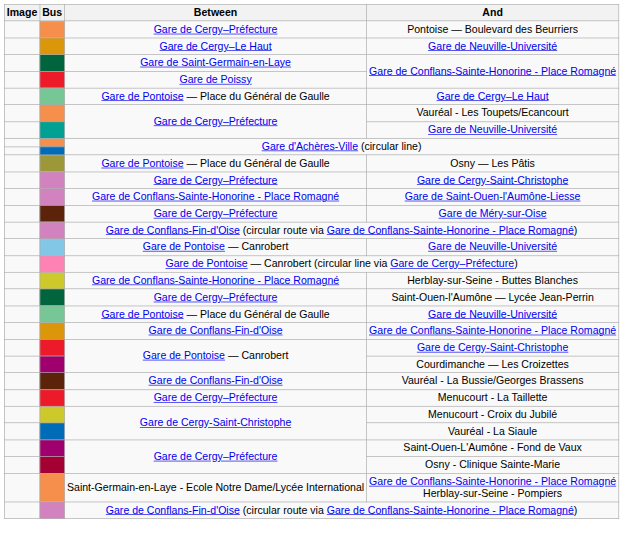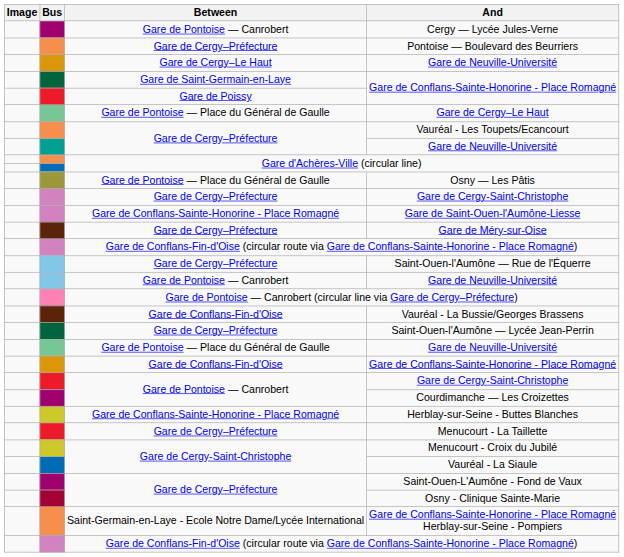 <table class="wikitable alternance centre" style="text-align:center;">
 <tr>
 <th>Image</th>
 <th>Bus</th>
 <th>Between</th>
 <th>And</th>
+</tr>
+<tr>
+<td></td>
+<td style="background:#a0006e;"></td>
+<td><a href='#'>Gare de Pontoise</a> — Canrobert</td>
+<td>Cergy — Lycée Jules-Verne</td>
 </tr>
 <tr>
 <td></td>
 <td style="background:#f68f4b;"></td>
 <td><a href='#'>Gare de Cergy–Préfecture</a></td>
 <td>Pontoise — Boulevard des Beurriers</td>
 </tr>
 <tr>
 <td></td>
 <td style="background:#dc9609;"></td>
 <td><a href='#'>Gare de Cergy–Le Haut</a></td>
 <td><a href='#'>Gare de Neuville-Université</a></td>
 </tr>
 <tr>
 <td></td>
 <td style="background:#00643c;"></td>
 <td><a href='#'>Gare de Saint-Germain-en-Laye</a></td>
 <td rowspan="2"><a href='#'>Gare de Conflans-Sainte-Honorine - Place Romagné</a></td>
 </tr>
 <tr>
 <td></td>
 <td style="background:#ed1b2a;"></td>
 <td><a href='#'>Gare de Poissy</a></td>
 </tr>
 <tr>
 <td></td>
 <td style="background:#77c695;"></td>
 <td><a href='#'>Gare de Pontoise</a> — Place du Général de Gaulle</td>
 <td><a href='#'>Gare de Cergy–Le Haut</a></td>
 </tr>
 <tr>
 <td></td>
 <td style="background:#f68f4b;"></td>
 <td rowspan="2"><a href='#'>Gare de Cergy–Préfecture</a></td>
 <td>Vauréal - Les Toupets/Ecancourt</td>
 </tr>
 <tr>
 <td></td>
 <td style="background:#00a092;"></td>
 <td><a href='#'>Gare de Neuville-Université</a></td>
 </tr>
 <tr>
 <td></td>
 <td style="background:#f68f4b;"></td>
 <td colspan="2" rowspan="2"><a href='#'>Gare d'Achères-Ville</a> (circular line)</td>
 </tr>
 <tr>
 <td></td>
 <td style="background:#006cb8;"></td>
 </tr>
 <tr>
 <td></td>
 <td style="background:#9c983a;"></td>
 <td><a href='#'>Gare de Pontoise</a> — Place du Général de Gaulle</td>
 <td>Osny — Les Pâtis</td>
 </tr>
 <tr>
 <td></td>
 <td style="background:#d282be;"></td>
 <td><a href='#'>Gare de Cergy–Préfecture</a></td>
 <td><a href='#'>Gare de Cergy-Saint-Christophe</a></td>
 </tr>
 <tr>
 <td></td>
 <td style="background:#d282be;"></td>
 <td><a href='#'>Gare de Conflans-Sainte-Honorine - Place Romagné</a></td>
 <td><a href='#'>Gare de Saint-Ouen-l'Aumône-Liesse</a></td>
 </tr>
 <tr>
 <td></td>
 <td style="background:#5a230a;"></td>
 <td><a href='#'>Gare de Cergy–Préfecture</a></td>
 <td><a href='#'>Gare de Méry-sur-Oise</a></td>
 </tr>
 <tr>
 <td></td>
 <td style="background:#d282be;"></td>
 <td colspan="2"><a href='#'>Gare de Conflans-Fin-d'Oise</a> (circular route via <a href='#'>Gare de Conflans-Sainte-Honorine - Place Romagné</a>)</td>
 </tr>
 <tr>
 <td></td>
 <td style="background:#82c8e6;"></td>
+<td><a href='#'>Gare de Cergy–Préfecture</a></td>
+<td>Saint-Ouen-l'Aumône — Rue de l'Équerre</td>
+</tr>
+<tr>
+<td></td>
+<td style="background:#82c8e6;"></td>
 <td><a href='#'>Gare de Pontoise</a> — Canrobert</td>
 <td><a href='#'>Gare de Neuville-Université</a></td>
 </tr>
 <tr>
 <td></td>
 <td style="background:#ff82b4;"></td>
 <td colspan="2"><a href='#'>Gare de Pontoise</a> — Canrobert (circular line via <a href='#'>Gare de Cergy–Préfecture</a>)</td>
 </tr>
 <tr>
 <td></td>
-<td style="background:#cec92a;"></td>
-<td><a href='#'>Gare de Conflans-Sainte-Honorine - Place Romagné</a></td>
-<td>Herblay-sur-Seine - Buttes Blanches</td>
+<td style="background:#5a230a;"></td>
+<td><a href='#'>Gare de Conflans-Fin-d'Oise</a></td>
+<td>Vauréal - La Bussie/Georges Brassens</td>
 </tr>
 <tr>
 <td></td>
 <td style="background:#00643c;"></td>
 <td><a href='#'>Gare de Cergy–Préfecture</a></td>
 <td>Saint-Ouen-l'Aumône — Lycée Jean-Perrin</td>
 </tr>
 <tr>
 <td></td>
 <td style="background:#77c695;"></td>
 <td><a href='#'>Gare de Pontoise</a> — Place du Général de Gaulle</td>
 <td><a href='#'>Gare de Neuville-Université</a></td>
 </tr>
 <tr>
 <td></td>
 <td style="background:#dc9609;"></td>
 <td><a href='#'>Gare de Conflans-Fin-d'Oise</a></td>
 <td><a href='#'>Gare de Conflans-Sainte-Honorine - Place Romagné</a></td>
 </tr>
 <tr>
 <td></td>
 <td style="background:#ed1b2a;"></td>
 <td rowspan="2"><a href='#'>Gare de Pontoise</a> — Canrobert</td>
 <td><a href='#'>Gare de Cergy-Saint-Christophe</a></td>
 </tr>
 <tr>
 <td></td>
 <td style="background:#a0006e;"></td>
 <td>Courdimanche — Les Croizettes</td>
 </tr>
 <tr>
 <td></td>
-<td style="background:#5a230a;"></td>
-<td><a href='#'>Gare de Conflans-Fin-d'Oise</a></td>
-<td>Vauréal - La Bussie/Georges Brassens</td>
+<td style="background:#cec92a;"></td>
+<td><a href='#'>Gare de Conflans-Sainte-Honorine - Place Romagné</a></td>
+<td>Herblay-sur-Seine - Buttes Blanches</td>
 </tr>
 <tr>
 <td></td>
 <td style="background:#ed1b2a;"></td>
 <td><a href='#'>Gare de Cergy–Préfecture</a></td>
 <td>Menucourt - La Taillette</td>
 </tr>
 <tr>
 <td></td>
 <td style="background:#cec92a;"></td>
 <td rowspan="2"><a href='#'>Gare de Cergy-Saint-Christophe</a></td>
 <td>Menucourt - Croix du Jubilé</td>
 </tr>
 <tr>
 <td></td>
 <td style="background:#006cb8;"></td>
 <td>Vauréal - La Siaule</td>
 </tr>
 <tr>
 <td></td>
 <td style="background:#a0006e;"></td>
 <td rowspan="2"><a href='#'>Gare de Cergy–Préfecture</a></td>
 <td>Saint-Ouen-L'Aumône - Fond de Vaux</td>
 </tr>
 <tr>
 <td></td>
 <td style="background:#a50034;"></td>
 <td>Osny - Clinique Sainte-Marie</td>
 </tr>
 <tr>
 <td></td>
 <td style="background:#f68f4b;"></td>
 <td>Saint-Germain-en-Laye - Ecole Notre Dame/Lycée International</td>
 <td><a href='#'>Gare de Conflans-Sainte-Honorine - Place Romagné</a><br>Herblay-sur-Seine - Pompiers</td>
 </tr>
 <tr>
 <td></td>
 <td style="background:#d282be;"></td>
 <td colspan="2"><a href='#'>Gare de Conflans-Fin-d'Oise</a> (circular route via <a href='#'>Gare de Conflans-Sainte-Honorine - Place Romagné</a>)</td>
 </tr>
 </table>
